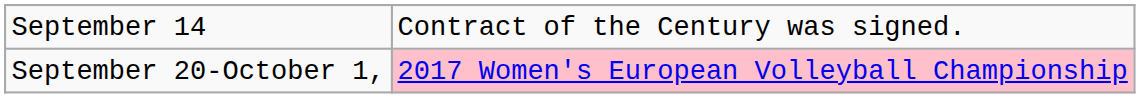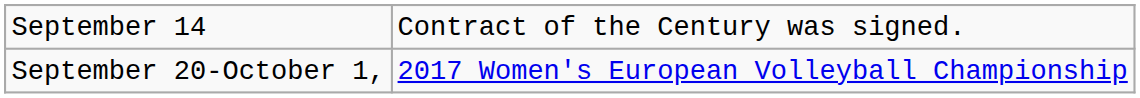 <table class="wikitable">
 <tr>
 <td>September 14</td>
 <td>Contract of the Century was signed.</td>
 </tr>
 <tr>
 <td>September 20-October 1,</td>
-<td style="background: pink;"><a href='#'>2017 Women's European Volleyball Championship</a></td>
+<td><a href='#'>2017 Women's European Volleyball Championship</a></td>
 </tr>
 </table>
